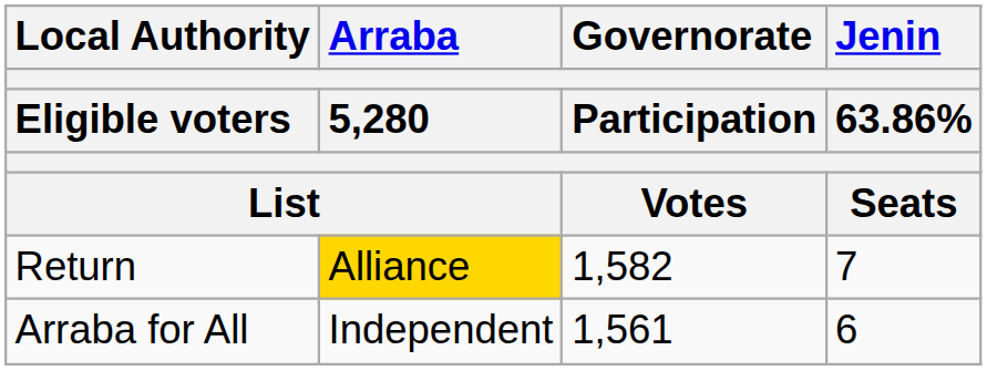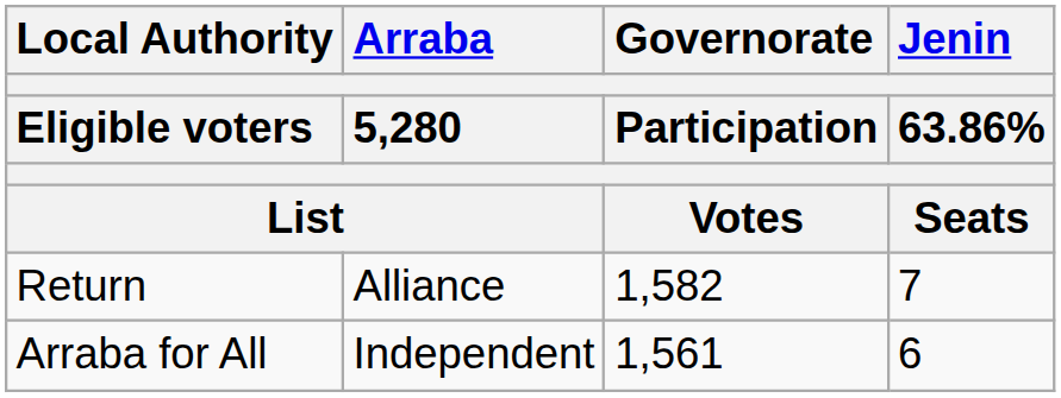 <table class="wikitable">
 <tr>
 <th style="text-align:left;">Local Authority</th>
 <th style="text-align:left;"><a href='#'>Arraba</a></th>
 <th style="text-align:left;">Governorate</th>
 <th style="text-align:left;"><a href='#'>Jenin</a></th>
 </tr>
 <tr>
 <th colspan=4></th>
 </tr>
 <tr>
 <th style="text-align:left;">Eligible voters</th>
 <th style="text-align:left;">5,280</th>
 <th style="text-align:left;">Participation</th>
 <th style="text-align:left;">63.86%</th>
 </tr>
 <tr>
 <th colspan=4></th>
 </tr>
 <tr>
 <th colspan=2>List</th>
 <th>Votes</th>
 <th>Seats</th>
 </tr>
 <tr>
 <td>Return</td>
-<td style="background: gold;">Alliance</td>
+<td>Alliance</td>
 <td>1,582</td>
 <td>7</td>
 </tr>
 <tr>
 <td>Arraba for All</td>
 <td>Independent</td>
 <td>1,561</td>
 <td>6</td>
 </tr>
 </table>
